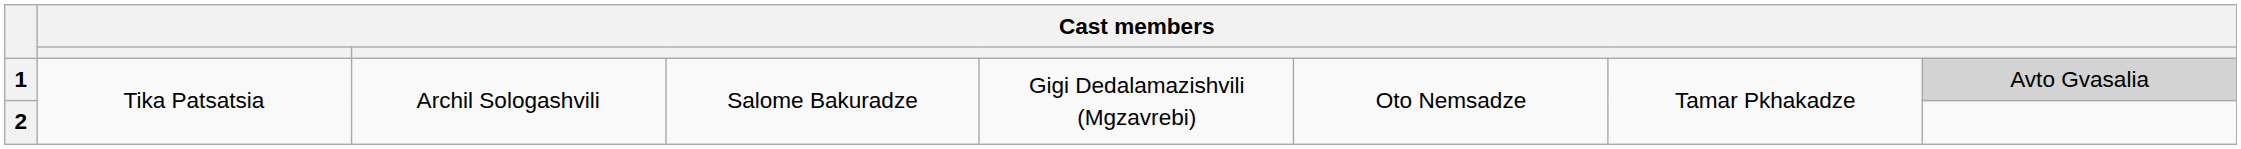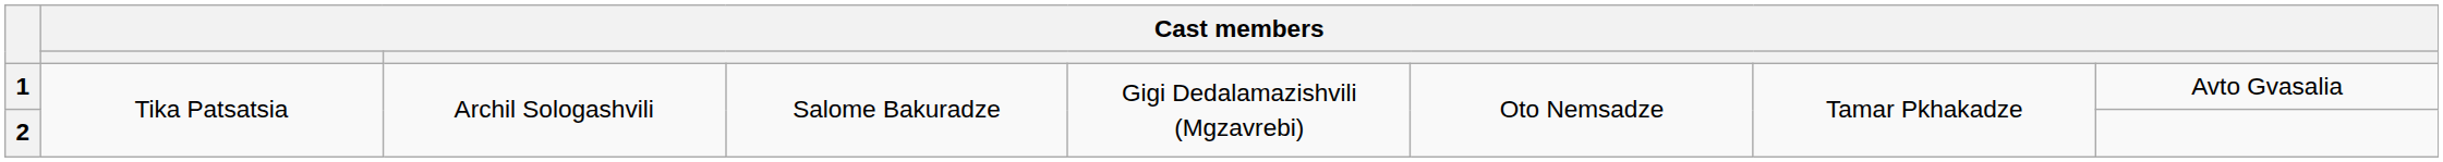 <table class="wikitable plainrowheaders" style="width:100%; text-align:center; line-height:23px;">
 <tr>
 <th rowspan=2 width=1%></th>
 <th colspan=7>Cast members </th>
 </tr>
 <tr>
 <th></th>
 <th colspan=6></th>
 </tr>
 <tr>
 <th>1</th>
 <td rowspan=2 width=10%>Tika Patsatsia</td>
 <td rowspan=2 width=10%>Archil Sologashvili</td>
 <td rowspan=2 width=10%>Salome Bakuradze</td>
 <td rowspan=2 width=10%>Gigi Dedalamazishvili (Mgzavrebi)</td>
 <td rowspan=2 width=10%>Oto Nemsadze</td>
 <td rowspan=2 width=10%>Tamar Pkhakadze</td>
-<td width=10% style="background: lightgrey;">Avto Gvasalia</td>
+<td width=10%>Avto Gvasalia</td>
 </tr>
 <tr>
 <th>2</th>
 <td></td>
 </tr>
 </table>
